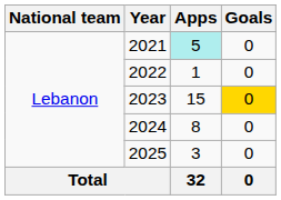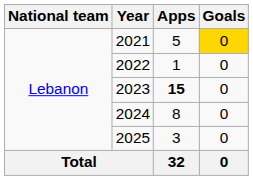 <table class="wikitable" style="text-align:center">
 <tr>
 <th>National team</th>
 <th>Year</th>
 <th>Apps</th>
 <th>Goals</th>
 </tr>
 <tr>
 <td rowspan="5"><a href='#'>Lebanon</a></td>
 <td>2021</td>
-<td style="background: paleturquoise;">5</td>
-<td>0</td>
+<td>5</td>
+<td style="background: gold;">0</td>
 </tr>
 <tr>
 <td>2022</td>
 <td>1</td>
 <td>0</td>
 </tr>
 <tr>
 <td>2023</td>
-<td>15</td>
-<td style="background: gold;">0</td>
+<td><strong>15</strong></td>
+<td>0</td>
 </tr>
 <tr>
 <td>2024</td>
 <td>8</td>
 <td>0</td>
 </tr>
 <tr>
 <td>2025</td>
 <td>3</td>
 <td>0</td>
 </tr>
 <tr>
 <th colspan="2">Total</th>
 <th>32</th>
 <th>0</th>
 </tr>
 </table>
